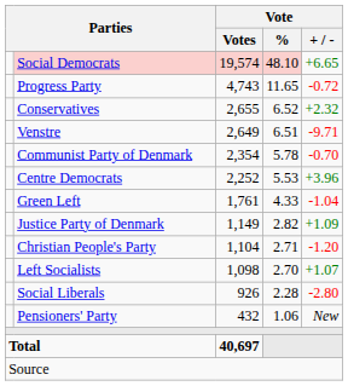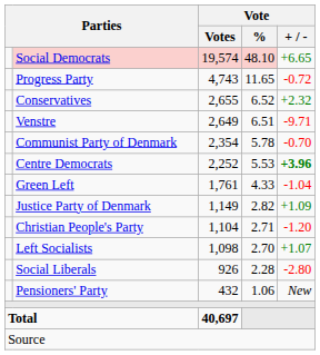 <table class="wikitable" style="text-align:right;">
 <tr>
 <th style="text-align:centre;" rowspan="2" colspan="2" width="225">Parties</th>
 <th colspan="3">Vote</th>
 </tr>
 <tr>
 <th width="15">Votes</th>
 <th width="15">%</th>
 <th width="15">+ / -</th>
 </tr>
 <tr>
 <td width="2" style="color:inherit;background:"></td>
 <td bgcolor=#fbd0ce  align="left"><a href='#'>Social Democrats</a></td>
 <td bgcolor=#fbd0ce>19,574</td>
 <td bgcolor=#fbd0ce>48.10</td>
 <td style=color:green;>+6.65</td>
 </tr>
 <tr>
 <td width="2" style="color:inherit;background:"></td>
 <td align="left"><a href='#'>Progress Party</a></td>
 <td>4,743</td>
 <td>11.65</td>
 <td style=color:red;>-0.72</td>
 </tr>
 <tr>
 <td width="2" style="color:inherit;background:"></td>
 <td align="left"><a href='#'>Conservatives</a></td>
 <td>2,655</td>
 <td>6.52</td>
 <td style=color:green;>+2.32</td>
 </tr>
 <tr>
 <td width="2" style="color:inherit;background:"></td>
 <td align="left"><a href='#'>Venstre</a></td>
 <td>2,649</td>
 <td>6.51</td>
 <td style=color:red;>-9.71</td>
 </tr>
 <tr>
 <td width="2" style="color:inherit;background:"></td>
 <td align="left"><a href='#'>Communist Party of Denmark</a></td>
 <td>2,354</td>
 <td>5.78</td>
 <td style=color:red;>-0.70</td>
 </tr>
 <tr>
 <td width="2" style="color:inherit;background:"></td>
 <td align="left"><a href='#'>Centre Democrats</a></td>
 <td>2,252</td>
 <td>5.53</td>
-<td style=color:green;>+3.96</td>
+<td style=color:green;><strong>+3.96</strong></td>
 </tr>
 <tr>
 <td width="2" style="color:inherit;background:"></td>
 <td align="left"><a href='#'>Green Left</a></td>
 <td>1,761</td>
 <td>4.33</td>
 <td style=color:red;>-1.04</td>
 </tr>
 <tr>
 <td width="2" style="color:inherit;background:"></td>
 <td align="left"><a href='#'>Justice Party of Denmark</a></td>
 <td>1,149</td>
 <td>2.82</td>
 <td style=color:green;>+1.09</td>
 </tr>
 <tr>
 <td width="2" style="color:inherit;background:"></td>
 <td align="left"><a href='#'>Christian People's Party</a></td>
 <td>1,104</td>
 <td>2.71</td>
 <td style=color:red;>-1.20</td>
 </tr>
 <tr>
 <td width="2" style="color:inherit;background:"></td>
 <td align="left"><a href='#'>Left Socialists</a></td>
 <td>1,098</td>
 <td>2.70</td>
 <td style=color:green;>+1.07</td>
 </tr>
 <tr>
 <td width="2" style="color:inherit;background:"></td>
 <td align="left"><a href='#'>Social Liberals</a></td>
 <td>926</td>
 <td>2.28</td>
 <td style=color:red;>-2.80</td>
 </tr>
 <tr>
 <td width="2" style="color:inherit;background:"></td>
 <td align="left"><a href='#'>Pensioners' Party</a></td>
 <td>432</td>
 <td>1.06</td>
 <td><em>New</em></td>
 </tr>
 <tr>
 <td colspan="7" bgcolor="#E9E9E9"></td>
 </tr>
 <tr>
 <td align="left" colspan="2"><strong>Total</strong></td>
 <td><strong>40,697</strong></td>
 <td bgcolor="#E9E9E9" colspan="2"></td>
 </tr>
 <tr>
 <td align="left" colspan="6">Source</td>
 </tr>
 </table>
